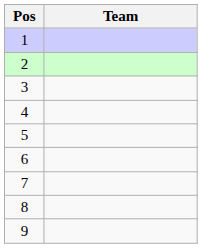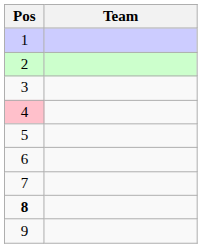 <table class="wikitable" style="text-align:center;">
 <tr>
 <th width="35">Pos</th>
 <th width="155">Team</th>
 </tr>
 <tr bgcolor="ccccff">
 <td>1</td>
 <td align="left"></td>
 </tr>
 <tr bgcolor="ccffcc">
 <td>2</td>
 <td align="left"></td>
 </tr>
 <tr>
 <td>3</td>
 <td align="left"></td>
 </tr>
 <tr>
-<td>4</td>
+<td style="background: pink;">4</td>
 <td align="left"></td>
 </tr>
 <tr>
 <td>5</td>
 <td align="left"></td>
 </tr>
 <tr>
 <td>6</td>
 <td align="left"></td>
 </tr>
 <tr>
 <td>7</td>
 <td align="left"></td>
 </tr>
 <tr>
-<td>8</td>
+<td><strong>8</strong></td>
 <td align="left"></td>
 </tr>
 <tr>
 <td>9</td>
 <td align="left"></td>
 </tr>
 </table>
